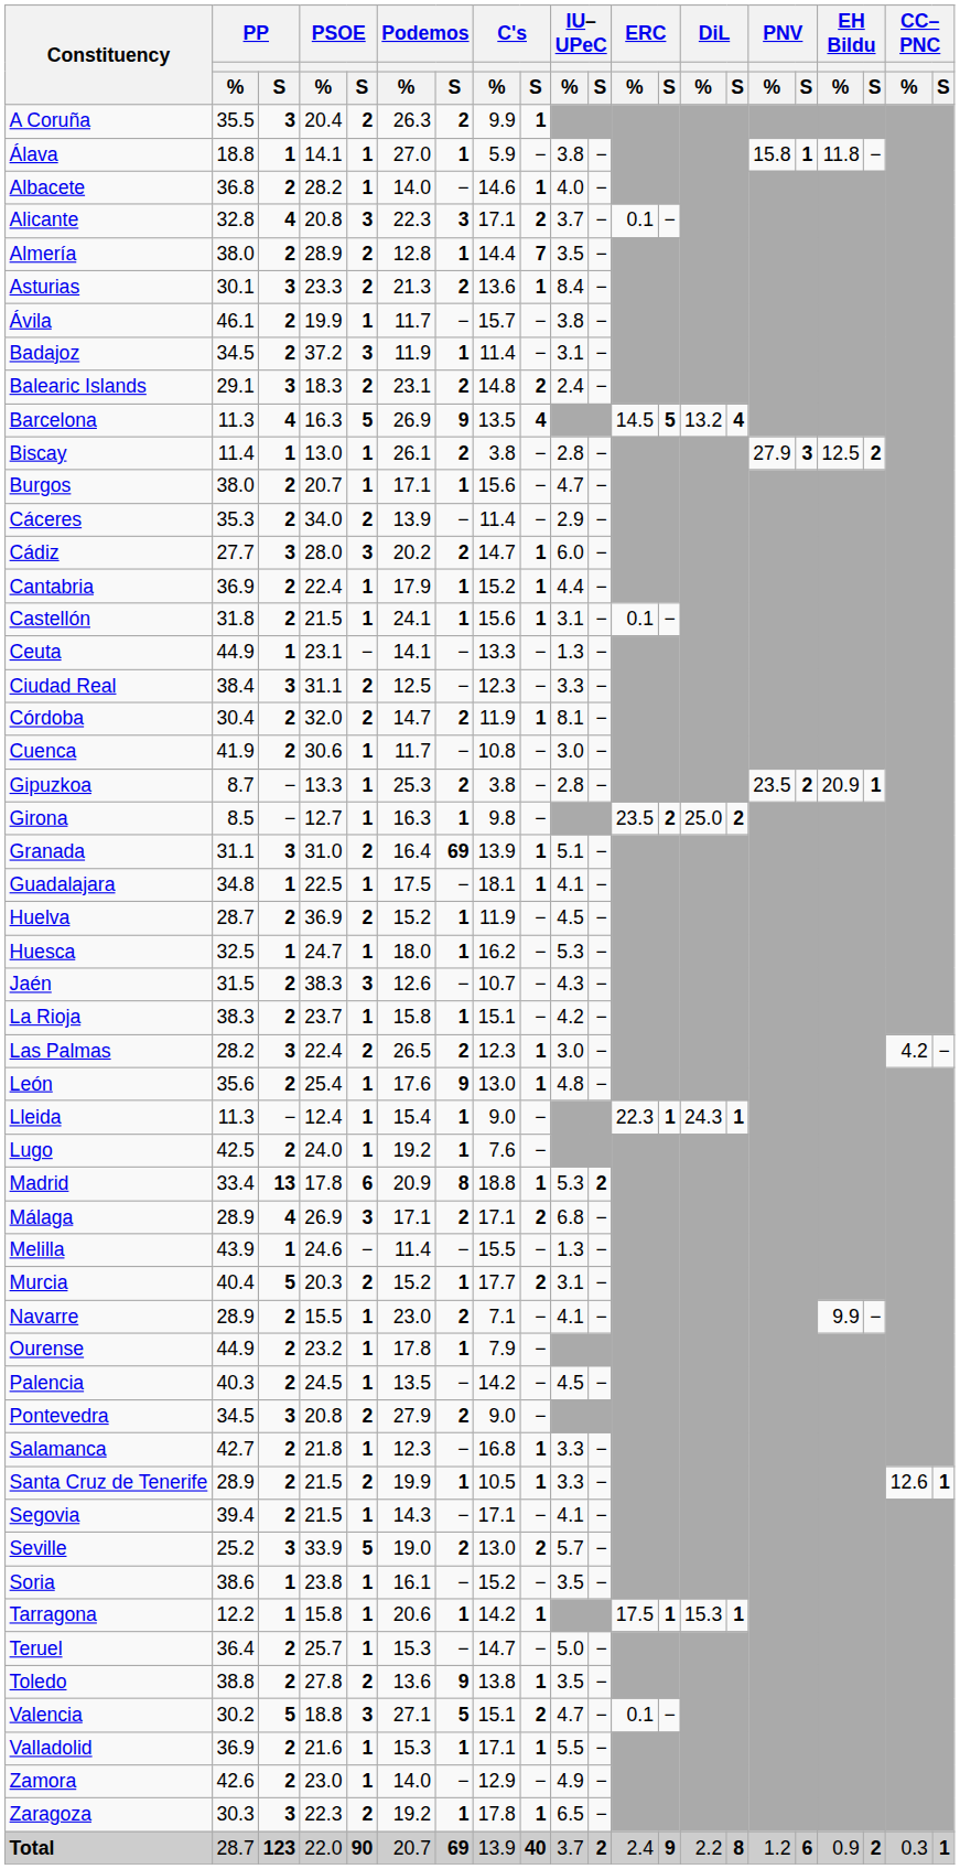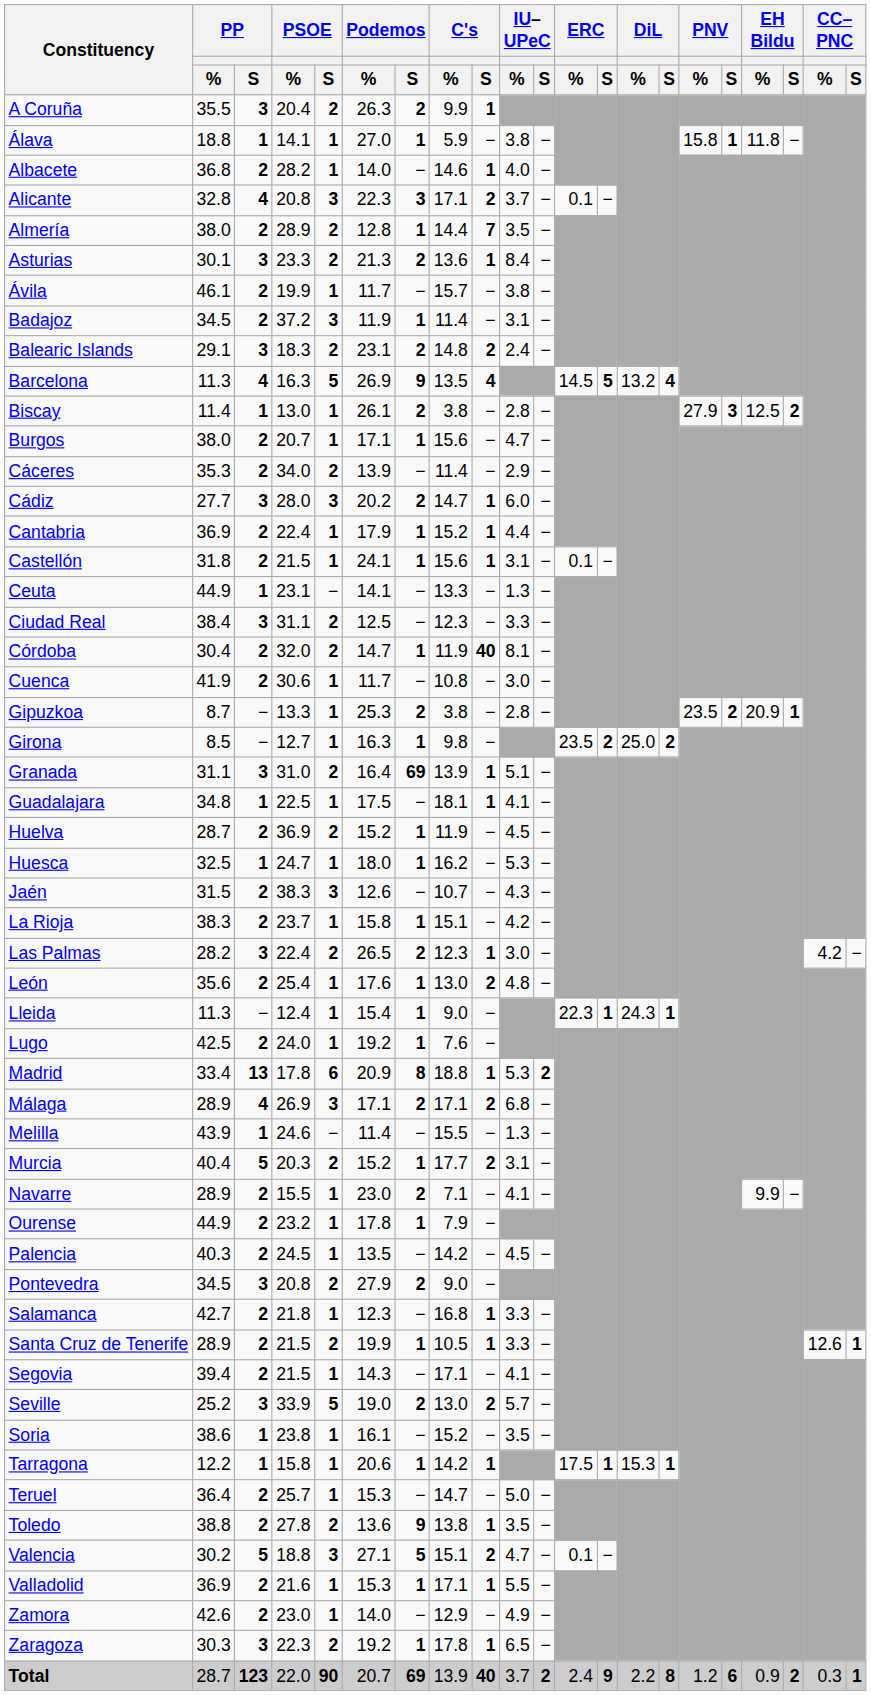 <table class="wikitable sortable" style="text-align:right; line-height:20px;">
 <tr>
 <th rowspan="3">Constituency</th>
 <th colspan="2" width="30px" class="unsortable"><a href='#'>PP</a></th>
 <th colspan="2" width="30px" class="unsortable"><a href='#'>PSOE</a></th>
 <th colspan="2" width="30px" class="unsortable"><a href='#'>Podemos</a></th>
 <th colspan="2" width="30px" class="unsortable"><a href='#'>C's</a></th>
 <th colspan="2" width="30px" class="unsortable"><a href='#'>IU</a>–<a href='#'>UPeC</a></th>
 <th colspan="2" width="30px" class="unsortable"><a href='#'>ERC</a></th>
 <th colspan="2" width="30px" class="unsortable"><a href='#'>DiL</a></th>
 <th colspan="2" width="30px" class="unsortable"><a href='#'>PNV</a></th>
 <th colspan="2" width="30px" class="unsortable"><a href='#'>EH Bildu</a></th>
 <th colspan="2" width="30px" class="unsortable"><a href='#'>CC–PNC</a></th>
 </tr>
 <tr>
 <th colspan="2" style="background:"></th>
 <th colspan="2" style="background:"></th>
 <th colspan="2" style="background:"></th>
 <th colspan="2" style="background:"></th>
 <th colspan="2" style="background:"></th>
 <th colspan="2" style="background:"></th>
 <th colspan="2" style="background:"></th>
 <th colspan="2" style="background:"></th>
 <th colspan="2" style="background:"></th>
 <th colspan="2" style="background:"></th>
 </tr>
 <tr>
 <th data-sort-type="number">%</th>
 <th data-sort-type="number">S</th>
 <th data-sort-type="number">%</th>
 <th data-sort-type="number">S</th>
 <th data-sort-type="number">%</th>
 <th data-sort-type="number">S</th>
 <th data-sort-type="number">%</th>
 <th data-sort-type="number">S</th>
 <th data-sort-type="number">%</th>
 <th data-sort-type="number">S</th>
 <th data-sort-type="number">%</th>
 <th data-sort-type="number">S</th>
 <th data-sort-type="number">%</th>
 <th data-sort-type="number">S</th>
 <th data-sort-type="number">%</th>
 <th data-sort-type="number">S</th>
 <th data-sort-type="number">%</th>
 <th data-sort-type="number">S</th>
 <th data-sort-type="number">%</th>
 <th data-sort-type="number">S</th>
 </tr>
 <tr>
 <td align="left"><a href='#'>A Coruña</a></td>
 <td style="background:">35.5</td>
 <td><strong>3</strong></td>
 <td>20.4</td>
 <td><strong>2</strong></td>
 <td>26.3</td>
 <td><strong>2</strong></td>
 <td>9.9</td>
 <td><strong>1</strong></td>
 <td colspan="2" bgcolor="#AAAAAA"></td>
 <td colspan="2" rowspan="3" bgcolor="#AAAAAA"></td>
 <td colspan="2" rowspan="9" bgcolor="#AAAAAA"></td>
 <td colspan="2" bgcolor="#AAAAAA"></td>
 <td colspan="2" bgcolor="#AAAAAA"></td>
 <td colspan="2" rowspan="28" bgcolor="#AAAAAA"></td>
 </tr>
 <tr>
 <td align="left"><a href='#'>Álava</a></td>
 <td>18.8</td>
 <td><strong>1</strong></td>
 <td>14.1</td>
 <td><strong>1</strong></td>
 <td style="background:">27.0</td>
 <td><strong>1</strong></td>
 <td>5.9</td>
 <td>−</td>
 <td>3.8</td>
 <td>−</td>
 <td>15.8</td>
 <td><strong>1</strong></td>
 <td>11.8</td>
 <td>−</td>
 </tr>
 <tr>
 <td align="left"><a href='#'>Albacete</a></td>
 <td style="background:">36.8</td>
 <td><strong>2</strong></td>
 <td>28.2</td>
 <td><strong>1</strong></td>
 <td>14.0</td>
 <td>−</td>
 <td>14.6</td>
 <td><strong>1</strong></td>
 <td>4.0</td>
 <td>−</td>
 <td colspan="2" rowspan="8" bgcolor="#AAAAAA"></td>
 <td colspan="2" rowspan="8" bgcolor="#AAAAAA"></td>
 </tr>
 <tr>
 <td align="left"><a href='#'>Alicante</a></td>
 <td style="background:">32.8</td>
 <td><strong>4</strong></td>
 <td>20.8</td>
 <td><strong>3</strong></td>
 <td>22.3</td>
 <td><strong>3</strong></td>
 <td>17.1</td>
 <td><strong>2</strong></td>
 <td>3.7</td>
 <td>−</td>
 <td>0.1</td>
 <td>−</td>
 </tr>
 <tr>
 <td align="left"><a href='#'>Almería</a></td>
 <td style="background:">38.0</td>
 <td><strong>2</strong></td>
 <td>28.9</td>
 <td><strong>2</strong></td>
 <td>12.8</td>
 <td><strong>1</strong></td>
 <td>14.4</td>
 <td><strong>7</strong></td>
 <td>3.5</td>
 <td>−</td>
 <td colspan="2" rowspan="5" bgcolor="#AAAAAA"></td>
 </tr>
 <tr>
 <td align="left"><a href='#'>Asturias</a></td>
 <td style="background:">30.1</td>
 <td><strong>3</strong></td>
 <td>23.3</td>
 <td><strong>2</strong></td>
 <td>21.3</td>
 <td><strong>2</strong></td>
 <td>13.6</td>
 <td><strong>1</strong></td>
 <td>8.4</td>
 <td>−</td>
 </tr>
 <tr>
 <td align="left"><a href='#'>Ávila</a></td>
 <td style="background:">46.1</td>
 <td><strong>2</strong></td>
 <td>19.9</td>
 <td><strong>1</strong></td>
 <td>11.7</td>
 <td>−</td>
 <td>15.7</td>
 <td>−</td>
 <td>3.8</td>
 <td>−</td>
 </tr>
 <tr>
 <td align="left"><a href='#'>Badajoz</a></td>
 <td>34.5</td>
 <td><strong>2</strong></td>
 <td style="background:">37.2</td>
 <td><strong>3</strong></td>
 <td>11.9</td>
 <td><strong>1</strong></td>
 <td>11.4</td>
 <td>−</td>
 <td>3.1</td>
 <td>−</td>
 </tr>
 <tr>
 <td align="left"><a href='#'>Balearic Islands</a></td>
 <td style="background:">29.1</td>
 <td><strong>3</strong></td>
 <td>18.3</td>
 <td><strong>2</strong></td>
 <td>23.1</td>
 <td><strong>2</strong></td>
 <td>14.8</td>
 <td><strong>2</strong></td>
 <td>2.4</td>
 <td>−</td>
 </tr>
 <tr>
 <td align="left"><a href='#'>Barcelona</a></td>
 <td>11.3</td>
 <td><strong>4</strong></td>
 <td>16.3</td>
 <td><strong>5</strong></td>
 <td style="background:">26.9</td>
 <td><strong>9</strong></td>
 <td>13.5</td>
 <td><strong>4</strong></td>
 <td colspan="2" bgcolor="#AAAAAA"></td>
 <td>14.5</td>
 <td><strong>5</strong></td>
 <td>13.2</td>
 <td><strong>4</strong></td>
 </tr>
 <tr>
 <td align="left"><a href='#'>Biscay</a></td>
 <td>11.4</td>
 <td><strong>1</strong></td>
 <td>13.0</td>
 <td><strong>1</strong></td>
 <td>26.1</td>
 <td><strong>2</strong></td>
 <td>3.8</td>
 <td>−</td>
 <td>2.8</td>
 <td>−</td>
 <td colspan="2" rowspan="5" bgcolor="#AAAAAA"></td>
 <td colspan="2" rowspan="11" bgcolor="#AAAAAA"></td>
 <td style="background:">27.9</td>
 <td><strong>3</strong></td>
 <td>12.5</td>
 <td><strong>2</strong></td>
 </tr>
 <tr>
 <td align="left"><a href='#'>Burgos</a></td>
 <td style="background:">38.0</td>
 <td><strong>2</strong></td>
 <td>20.7</td>
 <td><strong>1</strong></td>
 <td>17.1</td>
 <td><strong>1</strong></td>
 <td>15.6</td>
 <td>−</td>
 <td>4.7</td>
 <td>−</td>
 <td colspan="2" rowspan="9" bgcolor="#AAAAAA"></td>
 <td colspan="2" rowspan="9" bgcolor="#AAAAAA"></td>
 </tr>
 <tr>
 <td align="left"><a href='#'>Cáceres</a></td>
 <td style="background:">35.3</td>
 <td><strong>2</strong></td>
 <td>34.0</td>
 <td><strong>2</strong></td>
 <td>13.9</td>
 <td>−</td>
 <td>11.4</td>
 <td>−</td>
 <td>2.9</td>
 <td>−</td>
 </tr>
 <tr>
 <td align="left"><a href='#'>Cádiz</a></td>
 <td>27.7</td>
 <td><strong>3</strong></td>
 <td style="background:">28.0</td>
 <td><strong>3</strong></td>
 <td>20.2</td>
 <td><strong>2</strong></td>
 <td>14.7</td>
 <td><strong>1</strong></td>
 <td>6.0</td>
 <td>−</td>
 </tr>
 <tr>
 <td align="left"><a href='#'>Cantabria</a></td>
 <td style="background:">36.9</td>
 <td><strong>2</strong></td>
 <td>22.4</td>
 <td><strong>1</strong></td>
 <td>17.9</td>
 <td><strong>1</strong></td>
 <td>15.2</td>
 <td><strong>1</strong></td>
 <td>4.4</td>
 <td>−</td>
 </tr>
 <tr>
 <td align="left"><a href='#'>Castellón</a></td>
 <td style="background:">31.8</td>
 <td><strong>2</strong></td>
 <td>21.5</td>
 <td><strong>1</strong></td>
 <td>24.1</td>
 <td><strong>1</strong></td>
 <td>15.6</td>
 <td><strong>1</strong></td>
 <td>3.1</td>
 <td>−</td>
 <td>0.1</td>
 <td>−</td>
 </tr>
 <tr>
 <td align="left"><a href='#'>Ceuta</a></td>
 <td style="background:">44.9</td>
 <td><strong>1</strong></td>
 <td>23.1</td>
 <td>−</td>
 <td>14.1</td>
 <td>−</td>
 <td>13.3</td>
 <td>−</td>
 <td>1.3</td>
 <td>−</td>
 <td colspan="2" rowspan="5" bgcolor="#AAAAAA"></td>
 </tr>
 <tr>
 <td align="left"><a href='#'>Ciudad Real</a></td>
 <td style="background:">38.4</td>
 <td><strong>3</strong></td>
 <td>31.1</td>
 <td><strong>2</strong></td>
 <td>12.5</td>
 <td>−</td>
 <td>12.3</td>
 <td>−</td>
 <td>3.3</td>
 <td>−</td>
 </tr>
 <tr>
 <td align="left"><a href='#'>Córdoba</a></td>
 <td>30.4</td>
 <td><strong>2</strong></td>
 <td style="background:">32.0</td>
 <td><strong>2</strong></td>
 <td>14.7</td>
-<td><strong>2</strong></td>
+<td><strong>1</strong></td>
 <td>11.9</td>
-<td><strong>1</strong></td>
+<td><strong>40</strong></td>
 <td>8.1</td>
 <td>−</td>
 </tr>
 <tr>
 <td align="left"><a href='#'>Cuenca</a></td>
 <td style="background:">41.9</td>
 <td><strong>2</strong></td>
 <td>30.6</td>
 <td><strong>1</strong></td>
 <td>11.7</td>
 <td>−</td>
 <td>10.8</td>
 <td>−</td>
 <td>3.0</td>
 <td>−</td>
 </tr>
 <tr>
 <td align="left"><a href='#'>Gipuzkoa</a></td>
 <td>8.7</td>
 <td>−</td>
 <td>13.3</td>
 <td><strong>1</strong></td>
 <td style="background:">25.3</td>
 <td><strong>2</strong></td>
 <td>3.8</td>
 <td>−</td>
 <td>2.8</td>
 <td>−</td>
 <td>23.5</td>
 <td><strong>2</strong></td>
 <td>20.9</td>
 <td><strong>1</strong></td>
 </tr>
 <tr>
 <td align="left"><a href='#'>Girona</a></td>
 <td>8.5</td>
 <td>−</td>
 <td>12.7</td>
 <td><strong>1</strong></td>
 <td>16.3</td>
 <td><strong>1</strong></td>
 <td>9.8</td>
 <td>−</td>
 <td colspan="2" bgcolor="#AAAAAA"></td>
 <td>23.5</td>
 <td><strong>2</strong></td>
 <td style="background:">25.0</td>
 <td><strong>2</strong></td>
 <td colspan="2" rowspan="31" bgcolor="#AAAAAA"></td>
 <td colspan="2" rowspan="15" bgcolor="#AAAAAA"></td>
 </tr>
 <tr>
 <td align="left"><a href='#'>Granada</a></td>
 <td style="background:">31.1</td>
 <td><strong>3</strong></td>
 <td>31.0</td>
 <td><strong>2</strong></td>
 <td>16.4</td>
 <td><strong>69</strong></td>
 <td>13.9</td>
 <td><strong>1</strong></td>
 <td>5.1</td>
 <td>−</td>
 <td colspan="2" rowspan="8" bgcolor="#AAAAAA"></td>
 <td colspan="2" rowspan="8" bgcolor="#AAAAAA"></td>
 </tr>
 <tr>
 <td align="left"><a href='#'>Guadalajara</a></td>
 <td style="background:">34.8</td>
 <td><strong>1</strong></td>
 <td>22.5</td>
 <td><strong>1</strong></td>
 <td>17.5</td>
 <td>−</td>
 <td>18.1</td>
 <td><strong>1</strong></td>
 <td>4.1</td>
 <td>−</td>
 </tr>
 <tr>
 <td align="left"><a href='#'>Huelva</a></td>
 <td>28.7</td>
 <td><strong>2</strong></td>
 <td style="background:">36.9</td>
 <td><strong>2</strong></td>
 <td>15.2</td>
 <td><strong>1</strong></td>
 <td>11.9</td>
 <td>−</td>
 <td>4.5</td>
 <td>−</td>
 </tr>
 <tr>
 <td align="left"><a href='#'>Huesca</a></td>
 <td style="background:">32.5</td>
 <td><strong>1</strong></td>
 <td>24.7</td>
 <td><strong>1</strong></td>
 <td>18.0</td>
 <td><strong>1</strong></td>
 <td>16.2</td>
 <td>−</td>
 <td>5.3</td>
 <td>−</td>
 </tr>
 <tr>
 <td align="left"><a href='#'>Jaén</a></td>
 <td>31.5</td>
 <td><strong>2</strong></td>
 <td style="background:">38.3</td>
 <td><strong>3</strong></td>
 <td>12.6</td>
 <td>−</td>
 <td>10.7</td>
 <td>−</td>
 <td>4.3</td>
 <td>−</td>
 </tr>
 <tr>
 <td align="left"><a href='#'>La Rioja</a></td>
 <td style="background:">38.3</td>
 <td><strong>2</strong></td>
 <td>23.7</td>
 <td><strong>1</strong></td>
 <td>15.8</td>
 <td><strong>1</strong></td>
 <td>15.1</td>
 <td>−</td>
 <td>4.2</td>
 <td>−</td>
 </tr>
 <tr>
 <td align="left"><a href='#'>Las Palmas</a></td>
 <td style="background:">28.2</td>
 <td><strong>3</strong></td>
 <td>22.4</td>
 <td><strong>2</strong></td>
 <td>26.5</td>
 <td><strong>2</strong></td>
 <td>12.3</td>
 <td><strong>1</strong></td>
 <td>3.0</td>
 <td>−</td>
 <td>4.2</td>
 <td>−</td>
 </tr>
 <tr>
 <td align="left"><a href='#'>León</a></td>
 <td style="background:">35.6</td>
 <td><strong>2</strong></td>
 <td>25.4</td>
 <td><strong>1</strong></td>
 <td>17.6</td>
-<td><strong>9</strong></td>
+<td><strong>1</strong></td>
 <td>13.0</td>
-<td><strong>1</strong></td>
+<td><strong>2</strong></td>
 <td>4.8</td>
 <td>−</td>
 <td colspan="2" rowspan="12" bgcolor="#AAAAAA"></td>
 </tr>
 <tr>
 <td align="left"><a href='#'>Lleida</a></td>
 <td>11.3</td>
 <td>−</td>
 <td>12.4</td>
 <td><strong>1</strong></td>
 <td>15.4</td>
 <td><strong>1</strong></td>
 <td>9.0</td>
 <td>−</td>
 <td colspan="2" bgcolor="#AAAAAA"></td>
 <td>22.3</td>
 <td><strong>1</strong></td>
 <td style="background:">24.3</td>
 <td><strong>1</strong></td>
 </tr>
 <tr>
 <td align="left"><a href='#'>Lugo</a></td>
 <td style="background:">42.5</td>
 <td><strong>2</strong></td>
 <td>24.0</td>
 <td><strong>1</strong></td>
 <td>19.2</td>
 <td><strong>1</strong></td>
 <td>7.6</td>
 <td>−</td>
 <td colspan="2" bgcolor="#AAAAAA"></td>
 <td colspan="2" rowspan="14" bgcolor="#AAAAAA"></td>
 <td colspan="2" rowspan="14" bgcolor="#AAAAAA"></td>
 </tr>
 <tr>
 <td align="left"><a href='#'>Madrid</a></td>
 <td style="background:">33.4</td>
 <td><strong>13</strong></td>
 <td>17.8</td>
 <td><strong>6</strong></td>
 <td>20.9</td>
 <td><strong>8</strong></td>
 <td>18.8</td>
 <td><strong>1</strong></td>
 <td>5.3</td>
 <td><strong>2</strong></td>
 </tr>
 <tr>
 <td align="left"><a href='#'>Málaga</a></td>
 <td style="background:">28.9</td>
 <td><strong>4</strong></td>
 <td>26.9</td>
 <td><strong>3</strong></td>
 <td>17.1</td>
 <td><strong>2</strong></td>
 <td>17.1</td>
 <td><strong>2</strong></td>
 <td>6.8</td>
 <td>−</td>
 </tr>
 <tr>
 <td align="left"><a href='#'>Melilla</a></td>
 <td style="background:">43.9</td>
 <td><strong>1</strong></td>
 <td>24.6</td>
 <td>−</td>
 <td>11.4</td>
 <td>−</td>
 <td>15.5</td>
 <td>−</td>
 <td>1.3</td>
 <td>−</td>
 </tr>
 <tr>
 <td align="left"><a href='#'>Murcia</a></td>
 <td style="background:">40.4</td>
 <td><strong>5</strong></td>
 <td>20.3</td>
 <td><strong>2</strong></td>
 <td>15.2</td>
 <td><strong>1</strong></td>
 <td>17.7</td>
 <td><strong>2</strong></td>
 <td>3.1</td>
 <td>−</td>
 </tr>
 <tr>
 <td align="left"><a href='#'>Navarre</a></td>
 <td style="background:">28.9</td>
 <td><strong>2</strong></td>
 <td>15.5</td>
 <td><strong>1</strong></td>
 <td>23.0</td>
 <td><strong>2</strong></td>
 <td>7.1</td>
 <td>−</td>
 <td>4.1</td>
 <td>−</td>
 <td>9.9</td>
 <td>−</td>
 </tr>
 <tr>
 <td align="left"><a href='#'>Ourense</a></td>
 <td style="background:">44.9</td>
 <td><strong>2</strong></td>
 <td>23.2</td>
 <td><strong>1</strong></td>
 <td>17.8</td>
 <td><strong>1</strong></td>
 <td>7.9</td>
 <td>−</td>
 <td colspan="2" bgcolor="#AAAAAA"></td>
 <td colspan="2" rowspan="15" bgcolor="#AAAAAA"></td>
 </tr>
 <tr>
 <td align="left"><a href='#'>Palencia</a></td>
 <td style="background:">40.3</td>
 <td><strong>2</strong></td>
 <td>24.5</td>
 <td><strong>1</strong></td>
 <td>13.5</td>
 <td>−</td>
 <td>14.2</td>
 <td>−</td>
 <td>4.5</td>
 <td>−</td>
 </tr>
 <tr>
 <td align="left"><a href='#'>Pontevedra</a></td>
 <td style="background:">34.5</td>
 <td><strong>3</strong></td>
 <td>20.8</td>
 <td><strong>2</strong></td>
 <td>27.9</td>
 <td><strong>2</strong></td>
 <td>9.0</td>
 <td>−</td>
 <td colspan="2" bgcolor="#AAAAAA"></td>
 </tr>
 <tr>
 <td align="left"><a href='#'>Salamanca</a></td>
 <td style="background:">42.7</td>
 <td><strong>2</strong></td>
 <td>21.8</td>
 <td><strong>1</strong></td>
 <td>12.3</td>
 <td>−</td>
 <td>16.8</td>
 <td><strong>1</strong></td>
 <td>3.3</td>
 <td>−</td>
 </tr>
 <tr>
 <td align="left"><a href='#'>Santa Cruz de Tenerife</a></td>
 <td style="background:">28.9</td>
 <td><strong>2</strong></td>
 <td>21.5</td>
 <td><strong>2</strong></td>
 <td>19.9</td>
 <td><strong>1</strong></td>
 <td>10.5</td>
 <td><strong>1</strong></td>
 <td>3.3</td>
 <td>−</td>
 <td>12.6</td>
 <td><strong>1</strong></td>
 </tr>
 <tr>
 <td align="left"><a href='#'>Segovia</a></td>
 <td style="background:">39.4</td>
 <td><strong>2</strong></td>
 <td>21.5</td>
 <td><strong>1</strong></td>
 <td>14.3</td>
 <td>−</td>
 <td>17.1</td>
 <td>−</td>
 <td>4.1</td>
 <td>−</td>
 <td colspan="2" rowspan="10" bgcolor="#AAAAAA"></td>
 </tr>
 <tr>
 <td align="left"><a href='#'>Seville</a></td>
 <td>25.2</td>
 <td><strong>3</strong></td>
 <td style="background:">33.9</td>
 <td><strong>5</strong></td>
 <td>19.0</td>
 <td><strong>2</strong></td>
 <td>13.0</td>
 <td><strong>2</strong></td>
 <td>5.7</td>
 <td>−</td>
 </tr>
 <tr>
 <td align="left"><a href='#'>Soria</a></td>
 <td style="background:">38.6</td>
 <td><strong>1</strong></td>
 <td>23.8</td>
 <td><strong>1</strong></td>
 <td>16.1</td>
 <td>−</td>
 <td>15.2</td>
 <td>−</td>
 <td>3.5</td>
 <td>−</td>
 </tr>
 <tr>
 <td align="left"><a href='#'>Tarragona</a></td>
 <td>12.2</td>
 <td><strong>1</strong></td>
 <td>15.8</td>
 <td><strong>1</strong></td>
 <td style="background:">20.6</td>
 <td><strong>1</strong></td>
 <td>14.2</td>
 <td><strong>1</strong></td>
 <td colspan="2" bgcolor="#AAAAAA"></td>
 <td>17.5</td>
 <td><strong>1</strong></td>
 <td>15.3</td>
 <td><strong>1</strong></td>
 </tr>
 <tr>
 <td align="left"><a href='#'>Teruel</a></td>
 <td style="background:">36.4</td>
 <td><strong>2</strong></td>
 <td>25.7</td>
 <td><strong>1</strong></td>
 <td>15.3</td>
 <td>−</td>
 <td>14.7</td>
 <td>−</td>
 <td>5.0</td>
 <td>−</td>
 <td colspan="2" rowspan="2" bgcolor="#AAAAAA"></td>
 <td colspan="2" rowspan="6" bgcolor="#AAAAAA"></td>
 </tr>
 <tr>
 <td align="left"><a href='#'>Toledo</a></td>
 <td style="background:">38.8</td>
 <td><strong>2</strong></td>
 <td>27.8</td>
 <td><strong>2</strong></td>
 <td>13.6</td>
 <td><strong>9</strong></td>
 <td>13.8</td>
 <td><strong>1</strong></td>
 <td>3.5</td>
 <td>−</td>
 </tr>
 <tr>
 <td align="left"><a href='#'>Valencia</a></td>
 <td style="background:">30.2</td>
 <td><strong>5</strong></td>
 <td>18.8</td>
 <td><strong>3</strong></td>
 <td>27.1</td>
 <td><strong>5</strong></td>
 <td>15.1</td>
 <td><strong>2</strong></td>
 <td>4.7</td>
 <td>−</td>
 <td>0.1</td>
 <td>−</td>
 </tr>
 <tr>
 <td align="left"><a href='#'>Valladolid</a></td>
 <td style="background:">36.9</td>
 <td><strong>2</strong></td>
 <td>21.6</td>
 <td><strong>1</strong></td>
 <td>15.3</td>
 <td><strong>1</strong></td>
 <td>17.1</td>
 <td><strong>1</strong></td>
 <td>5.5</td>
 <td>−</td>
 <td colspan="2" rowspan="3" bgcolor="#AAAAAA"></td>
 </tr>
 <tr>
 <td align="left"><a href='#'>Zamora</a></td>
 <td style="background:">42.6</td>
 <td><strong>2</strong></td>
 <td>23.0</td>
 <td><strong>1</strong></td>
 <td>14.0</td>
 <td>−</td>
 <td>12.9</td>
 <td>−</td>
 <td>4.9</td>
 <td>−</td>
 </tr>
 <tr>
 <td align="left"><a href='#'>Zaragoza</a></td>
 <td style="background:">30.3</td>
 <td><strong>3</strong></td>
 <td>22.3</td>
 <td><strong>2</strong></td>
 <td>19.2</td>
 <td><strong>1</strong></td>
 <td>17.8</td>
 <td><strong>1</strong></td>
 <td>6.5</td>
 <td>−</td>
 </tr>
 <tr style="background:#CDCDCD;">
 <td align="left"><strong>Total</strong></td>
 <td style="background:">28.7</td>
 <td><strong>123</strong></td>
 <td>22.0</td>
 <td><strong>90</strong></td>
 <td>20.7</td>
 <td><strong>69</strong></td>
 <td>13.9</td>
 <td><strong>40</strong></td>
 <td>3.7</td>
 <td><strong>2</strong></td>
 <td>2.4</td>
 <td><strong>9</strong></td>
 <td>2.2</td>
 <td><strong>8</strong></td>
 <td>1.2</td>
 <td><strong>6</strong></td>
 <td>0.9</td>
 <td><strong>2</strong></td>
 <td>0.3</td>
 <td><strong>1</strong></td>
 </tr>
 </table>
